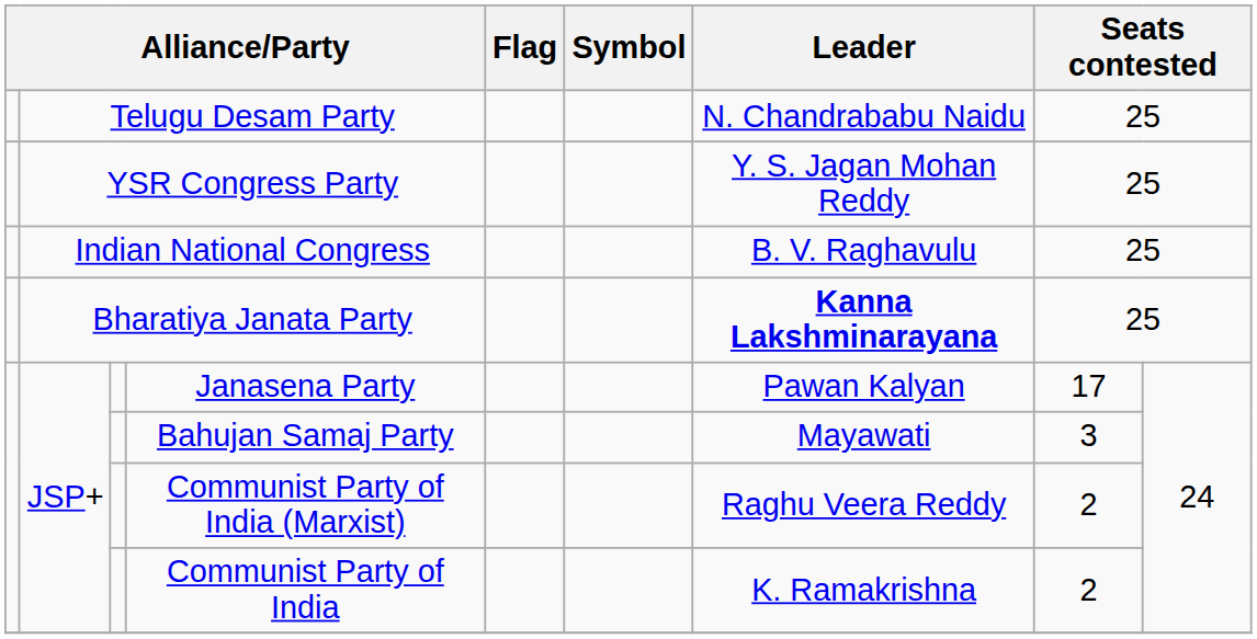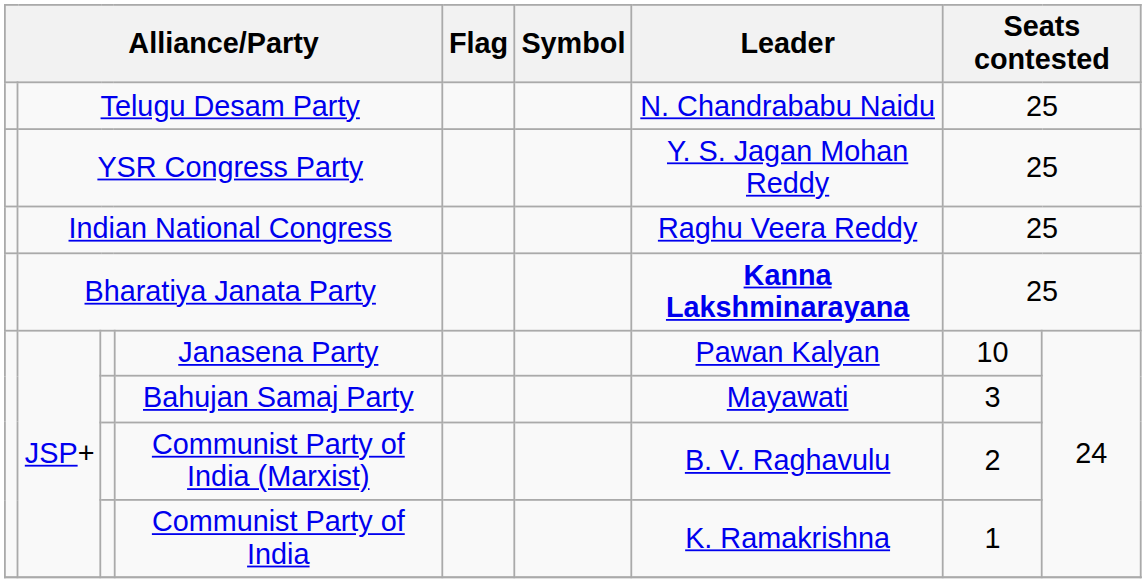 <table class="wikitable sortable" width="50%" style="text-align:center;">
 <tr>
 <th colspan=4>Alliance/Party</th>
 <th>Flag</th>
 <th>Symbol</th>
 <th>Leader</th>
 <th colspan=4>Seats contested</th>
 </tr>
 <tr>
 <td style="text-align:center; background:"></td>
 <td colspan=3><a href='#'>Telugu Desam Party</a></td>
 <td></td>
 <td></td>
 <td><a href='#'>N. Chandrababu Naidu</a></td>
 <td colspan=3>25</td>
 </tr>
 <tr>
 <td style="text-align:center; background:"></td>
 <td colspan="3"><a href='#'>YSR Congress Party</a></td>
 <td></td>
 <td></td>
 <td><a href='#'>Y. S. Jagan Mohan Reddy</a></td>
 <td colspan="3">25</td>
 </tr>
 <tr>
 <td style="text-align:center; background:"></td>
 <td colspan=3><a href='#'>Indian National Congress</a></td>
 <td></td>
 <td></td>
-<td><a href='#'>B. V. Raghavulu</a></td>
+<td><a href='#'>Raghu Veera Reddy</a></td>
 <td colspan=3>25</td>
 </tr>
 <tr>
 <td style="text-align:center; background:"></td>
 <td colspan=3><a href='#'>Bharatiya Janata Party</a></td>
 <td></td>
 <td></td>
 <td><strong><a href='#'>Kanna Lakshminarayana</a></strong></td>
 <td colspan=3>25</td>
 </tr>
 <tr>
 <td rowspan=4 style="text-align:center; background:"></td>
 <td rowspan=4><a href='#'>JSP</a>+</td>
 <td style="text-align:center; background:"></td>
 <td><a href='#'>Janasena Party</a></td>
 <td></td>
 <td></td>
 <td><a href='#'>Pawan Kalyan</a></td>
-<td>17</td>
+<td>10</td>
 <td rowspan=4>24</td>
 </tr>
 <tr>
 <td style="text-align:center; background:"></td>
 <td><a href='#'>Bahujan Samaj Party</a></td>
 <td></td>
 <td></td>
 <td><a href='#'>Mayawati</a></td>
 <td>3</td>
 </tr>
 <tr>
 <td style="text-align:center; background:"></td>
 <td><a href='#'>Communist Party of India (Marxist)</a></td>
 <td></td>
 <td></td>
-<td><a href='#'>Raghu Veera Reddy</a></td>
+<td><a href='#'>B. V. Raghavulu</a></td>
 <td>2</td>
 </tr>
 <tr>
 <td style="text-align:center; background:"></td>
 <td><a href='#'>Communist Party of India</a></td>
 <td></td>
 <td></td>
 <td><a href='#'>K. Ramakrishna</a></td>
-<td>2</td>
+<td>1</td>
 </tr>
 <tr>
 </tr>
 </table>
